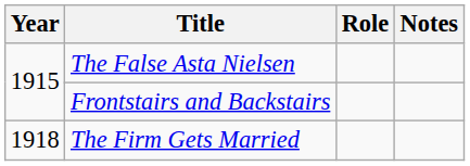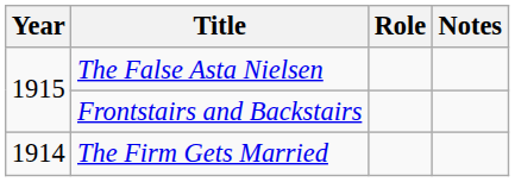 <table class="wikitable sortable">
 <tr>
 <th>Year</th>
 <th>Title</th>
 <th>Role</th>
 <th class="unsortable">Notes</th>
 </tr>
 <tr>
 <td rowspan=2>1915</td>
 <td><em><a href='#'>The False Asta Nielsen</a></em></td>
 <td></td>
 <td></td>
 </tr>
 <tr>
 <td><em><a href='#'>Frontstairs and Backstairs</a></em></td>
 <td></td>
 <td></td>
 </tr>
 <tr>
-<td>1918</td>
+<td>1914</td>
 <td><em><a href='#'>The Firm Gets Married</a></em></td>
 <td></td>
 <td></td>
 </tr>
 </table>
